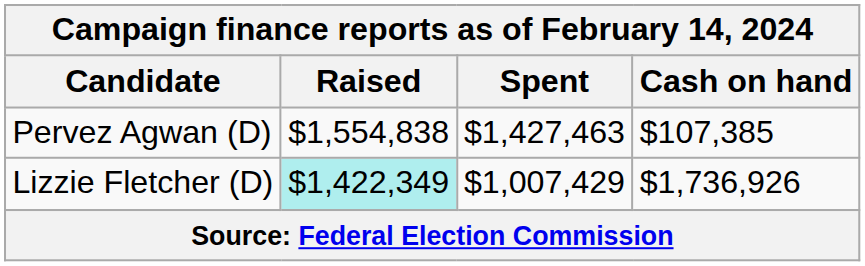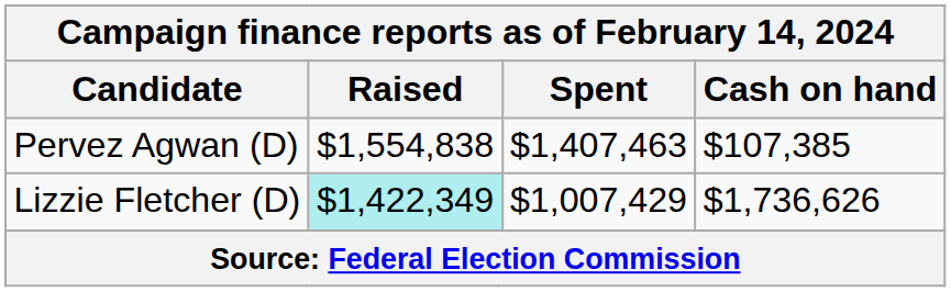 <table class="wikitable sortable">
 <tr>
 <th colspan=4>Campaign finance reports as of February 14, 2024</th>
 </tr>
 <tr style="text-align:center;">
 <th>Candidate</th>
 <th>Raised</th>
 <th>Spent</th>
 <th>Cash on hand</th>
 </tr>
 <tr>
 <td style="color:black;background-color:">Pervez Agwan (D)</td>
 <td>$1,554,838</td>
-<td>$1,427,463</td>
+<td>$1,407,463</td>
 <td>$107,385</td>
 </tr>
 <tr>
 <td style="color:black;background-color:">Lizzie Fletcher (D)</td>
 <td style="background: paleturquoise;">$1,422,349</td>
 <td>$1,007,429</td>
-<td>$1,736,926</td>
+<td>$1,736,626</td>
 </tr>
 <tr>
 <th colspan="4"><small>Source: <a href='#'>Federal Election Commission</a></small></th>
 </tr>
 </table>
